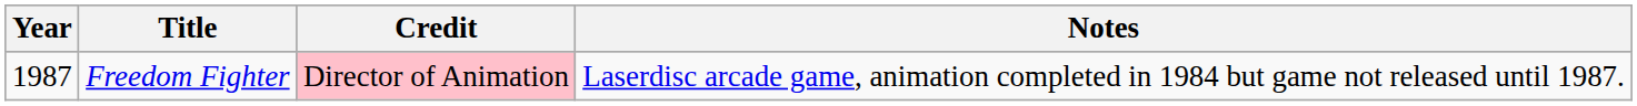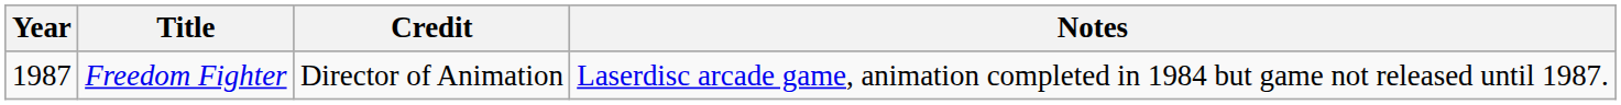 <table class="wikitable sortable">
 <tr>
 <th>Year</th>
 <th>Title</th>
 <th>Credit</th>
 <th>Notes</th>
 </tr>
 <tr>
 <td rowspan="2">1987</td>
 <td><em><a href='#'>Freedom Fighter</a></em></td>
-<td style="background: pink;">Director of Animation</td>
+<td>Director of Animation</td>
 <td><a href='#'>Laserdisc arcade game</a>, animation completed in 1984 but game not released until 1987.</td>
 </tr>
 </table>
